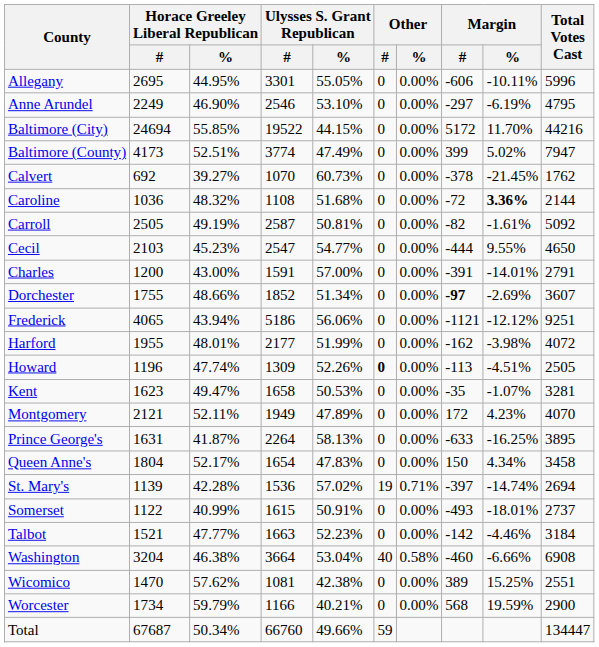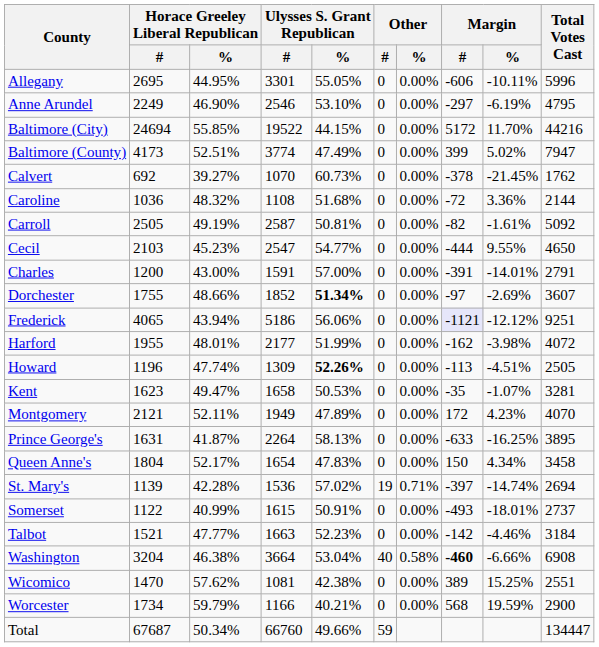 <table class="wikitable sortable">
 <tr>
 <th rowspan="2">County</th>
 <th colspan="2" >Horace Greeley<br>Liberal Republican</th>
 <th colspan="2" >Ulysses S. Grant<br>Republican</th>
 <th colspan="2" >Other</th>
 <th colspan="2">Margin</th>
 <th rowspan="2">Total<br>Votes<br>Cast </th>
 </tr>
 <tr>
 <th>#</th>
 <th>%</th>
 <th>#</th>
 <th>%</th>
 <th>#</th>
 <th>%</th>
 <th>#</th>
 <th>%</th>
 </tr>
 <tr>
 <td><a href='#'>Allegany</a></td>
 <td>2695</td>
 <td>44.95%</td>
 <td>3301</td>
 <td>55.05%</td>
 <td>0</td>
 <td>0.00%</td>
 <td>-606</td>
 <td>-10.11%</td>
 <td>5996</td>
 </tr>
 <tr>
 <td><a href='#'>Anne Arundel</a></td>
 <td>2249</td>
 <td>46.90%</td>
 <td>2546</td>
 <td>53.10%</td>
 <td>0</td>
 <td>0.00%</td>
 <td>-297</td>
 <td>-6.19%</td>
 <td>4795</td>
 </tr>
 <tr>
 <td><a href='#'>Baltimore (City)</a></td>
 <td>24694</td>
 <td>55.85%</td>
 <td>19522</td>
 <td>44.15%</td>
 <td>0</td>
 <td>0.00%</td>
 <td>5172</td>
 <td>11.70%</td>
 <td>44216</td>
 </tr>
 <tr>
 <td><a href='#'>Baltimore (County)</a></td>
 <td>4173</td>
 <td>52.51%</td>
 <td>3774</td>
 <td>47.49%</td>
 <td>0</td>
 <td>0.00%</td>
 <td>399</td>
 <td>5.02%</td>
 <td>7947</td>
 </tr>
 <tr>
 <td><a href='#'>Calvert</a></td>
 <td>692</td>
 <td>39.27%</td>
 <td>1070</td>
 <td>60.73%</td>
 <td>0</td>
 <td>0.00%</td>
 <td>-378</td>
 <td>-21.45%</td>
 <td>1762</td>
 </tr>
 <tr>
 <td><a href='#'>Caroline</a></td>
 <td>1036</td>
 <td>48.32%</td>
 <td>1108</td>
 <td>51.68%</td>
 <td>0</td>
 <td>0.00%</td>
 <td>-72</td>
-<td><strong>3.36%</strong></td>
+<td>3.36%</td>
 <td>2144</td>
 </tr>
 <tr>
 <td><a href='#'>Carroll</a></td>
 <td>2505</td>
 <td>49.19%</td>
 <td>2587</td>
 <td>50.81%</td>
 <td>0</td>
 <td>0.00%</td>
 <td>-82</td>
 <td>-1.61%</td>
 <td>5092</td>
 </tr>
 <tr>
 <td><a href='#'>Cecil</a></td>
 <td>2103</td>
 <td>45.23%</td>
 <td>2547</td>
 <td>54.77%</td>
 <td>0</td>
 <td>0.00%</td>
 <td>-444</td>
 <td>9.55%</td>
 <td>4650</td>
 </tr>
 <tr>
 <td><a href='#'>Charles</a></td>
 <td>1200</td>
 <td>43.00%</td>
 <td>1591</td>
 <td>57.00%</td>
 <td>0</td>
 <td>0.00%</td>
 <td>-391</td>
 <td>-14.01%</td>
 <td>2791</td>
 </tr>
 <tr>
 <td><a href='#'>Dorchester</a></td>
 <td>1755</td>
 <td>48.66%</td>
 <td>1852</td>
-<td>51.34%</td>
+<td><strong>51.34%</strong></td>
 <td>0</td>
 <td>0.00%</td>
-<td><strong>-97</strong></td>
+<td>-97</td>
 <td>-2.69%</td>
 <td>3607</td>
 </tr>
 <tr>
 <td><a href='#'>Frederick</a></td>
 <td>4065</td>
 <td>43.94%</td>
 <td>5186</td>
 <td>56.06%</td>
 <td>0</td>
 <td>0.00%</td>
-<td>-1121</td>
+<td style="background: lavender;">-1121</td>
 <td>-12.12%</td>
 <td>9251</td>
 </tr>
 <tr>
 <td><a href='#'>Harford</a></td>
 <td>1955</td>
 <td>48.01%</td>
 <td>2177</td>
 <td>51.99%</td>
 <td>0</td>
 <td>0.00%</td>
 <td>-162</td>
 <td>-3.98%</td>
 <td>4072</td>
 </tr>
 <tr>
 <td><a href='#'>Howard</a></td>
 <td>1196</td>
 <td>47.74%</td>
 <td>1309</td>
-<td>52.26%</td>
-<td><strong>0</strong></td>
+<td><strong>52.26%</strong></td>
+<td>0</td>
 <td>0.00%</td>
 <td>-113</td>
 <td>-4.51%</td>
 <td>2505</td>
 </tr>
 <tr>
 <td><a href='#'>Kent</a></td>
 <td>1623</td>
 <td>49.47%</td>
 <td>1658</td>
 <td>50.53%</td>
 <td>0</td>
 <td>0.00%</td>
 <td>-35</td>
 <td>-1.07%</td>
 <td>3281</td>
 </tr>
 <tr>
 <td><a href='#'>Montgomery</a></td>
 <td>2121</td>
 <td>52.11%</td>
 <td>1949</td>
 <td>47.89%</td>
 <td>0</td>
 <td>0.00%</td>
 <td>172</td>
 <td>4.23%</td>
 <td>4070</td>
 </tr>
 <tr>
 <td><a href='#'>Prince George's</a></td>
 <td>1631</td>
 <td>41.87%</td>
 <td>2264</td>
 <td>58.13%</td>
 <td>0</td>
 <td>0.00%</td>
 <td>-633</td>
 <td>-16.25%</td>
 <td>3895</td>
 </tr>
 <tr>
 <td><a href='#'>Queen Anne's</a></td>
 <td>1804</td>
 <td>52.17%</td>
 <td>1654</td>
 <td>47.83%</td>
 <td>0</td>
 <td>0.00%</td>
 <td>150</td>
 <td>4.34%</td>
 <td>3458</td>
 </tr>
 <tr>
 <td><a href='#'>St. Mary's</a></td>
 <td>1139</td>
 <td>42.28%</td>
 <td>1536</td>
 <td>57.02%</td>
 <td>19</td>
 <td>0.71%</td>
 <td>-397</td>
 <td>-14.74%</td>
 <td>2694</td>
 </tr>
 <tr>
 <td><a href='#'>Somerset</a></td>
 <td>1122</td>
 <td>40.99%</td>
 <td>1615</td>
 <td>50.91%</td>
 <td>0</td>
 <td>0.00%</td>
 <td>-493</td>
 <td>-18.01%</td>
 <td>2737</td>
 </tr>
 <tr>
 <td><a href='#'>Talbot</a></td>
 <td>1521</td>
 <td>47.77%</td>
 <td>1663</td>
 <td>52.23%</td>
 <td>0</td>
 <td>0.00%</td>
 <td>-142</td>
 <td>-4.46%</td>
 <td>3184</td>
 </tr>
 <tr>
 <td><a href='#'>Washington</a></td>
 <td>3204</td>
 <td>46.38%</td>
 <td>3664</td>
 <td>53.04%</td>
 <td>40</td>
 <td>0.58%</td>
-<td>-460</td>
+<td><strong>-460</strong></td>
 <td>-6.66%</td>
 <td>6908</td>
 </tr>
 <tr>
 <td><a href='#'>Wicomico</a></td>
 <td>1470</td>
 <td>57.62%</td>
 <td>1081</td>
 <td>42.38%</td>
 <td>0</td>
 <td>0.00%</td>
 <td>389</td>
 <td>15.25%</td>
 <td>2551</td>
 </tr>
 <tr>
 <td><a href='#'>Worcester</a></td>
 <td>1734</td>
 <td>59.79%</td>
 <td>1166</td>
 <td>40.21%</td>
 <td>0</td>
 <td>0.00%</td>
 <td>568</td>
 <td>19.59%</td>
 <td>2900</td>
 </tr>
 <tr>
 <td>Total</td>
 <td>67687</td>
 <td>50.34%</td>
 <td>66760</td>
 <td>49.66%</td>
 <td>59</td>
 <td></td>
 <td></td>
 <td></td>
 <td>134447</td>
 </tr>
 </table>
